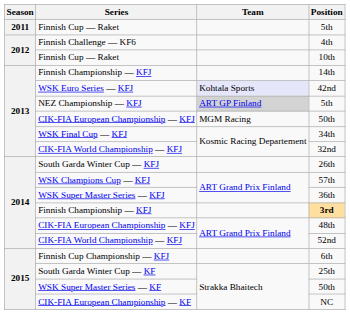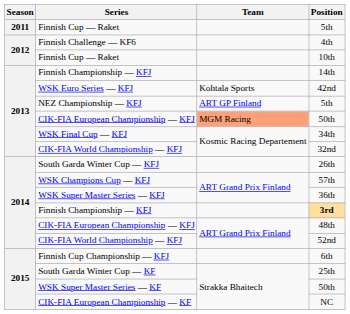 <table class="wikitable" style="font-size: 85%; text-align:center">
 <tr>
 <th>Season</th>
 <th>Series</th>
 <th>Team</th>
 <th>Position</th>
 </tr>
 <tr>
 <th>2011</th>
 <td align="left">Finnish Cup — Raket</td>
 <td align="left"></td>
 <td>5th</td>
 </tr>
 <tr>
 <th rowspan="2">2012</th>
 <td align="left">Finnish Challenge — KF6</td>
 <td align="left"></td>
 <td>4th</td>
 </tr>
 <tr>
 <td align="left">Finnish Cup — Raket</td>
 <td align="left"></td>
 <td>10th</td>
 </tr>
 <tr>
 <th rowspan="6">2013</th>
 <td align="left">Finnish Championship — <a href='#'>KFJ</a></td>
 <td align="left"></td>
 <td>14th</td>
 </tr>
 <tr>
 <td align="left"><a href='#'>WSK Euro Series</a> — <a href='#'>KFJ</a></td>
-<td align="left" style="background: lavender;">Kohtala Sports</td>
+<td align="left">Kohtala Sports</td>
 <td>42nd</td>
 </tr>
 <tr>
 <td align="left">NEZ Championship — <a href='#'>KFJ</a></td>
-<td align="left" style="background: lightgrey;"><a href='#'>ART GP Finland</a></td>
+<td align="left"><a href='#'>ART GP Finland</a></td>
 <td>5th</td>
 </tr>
 <tr>
 <td align="left"><a href='#'>CIK-FIA European Championship</a> — <a href='#'>KFJ</a></td>
-<td align="left">MGM Racing</td>
+<td align="left" style="background: lightsalmon;">MGM Racing</td>
 <td>50th</td>
 </tr>
 <tr>
 <td align="left"><a href='#'>WSK Final Cup</a> — <a href='#'>KFJ</a></td>
 <td rowspan="2" align="left">Kosmic Racing Departement</td>
 <td>34th</td>
 </tr>
 <tr>
 <td align="left"><a href='#'>CIK-FIA World Championship</a> — <a href='#'>KFJ</a></td>
 <td>32nd</td>
 </tr>
 <tr>
 <th rowspan="6">2014</th>
 <td align="left">South Garda Winter Cup — <a href='#'>KFJ</a></td>
 <td align="left"></td>
 <td>26th</td>
 </tr>
 <tr>
 <td align="left"><a href='#'>WSK Champions Cup</a> — <a href='#'>KFJ</a></td>
 <td rowspan="2"  align="left"><a href='#'>ART Grand Prix Finland</a></td>
 <td>57th</td>
 </tr>
 <tr>
 <td align="left"><a href='#'>WSK Super Master Series</a> — <a href='#'>KFJ</a></td>
 <td>36th</td>
 </tr>
 <tr>
 <td align="left">Finnish Championship — <a href='#'>KFJ</a></td>
 <td align="left"></td>
 <td style="background:#FFDF9F;"><strong>3rd</strong></td>
 </tr>
 <tr>
 <td align="left"><a href='#'>CIK-FIA European Championship</a> — <a href='#'>KFJ</a></td>
 <td rowspan="2" align="left"><a href='#'>ART Grand Prix Finland</a></td>
 <td>48th</td>
 </tr>
 <tr>
 <td align="left"><a href='#'>CIK-FIA World Championship</a> — <a href='#'>KFJ</a></td>
 <td>52nd</td>
 </tr>
 <tr>
 <th rowspan="4">2015</th>
 <td align="left">Finnish Cup Championship — <a href='#'>KFJ</a></td>
 <td align="left"></td>
 <td>6th</td>
 </tr>
 <tr>
 <td align="left">South Garda Winter Cup — <a href='#'>KF</a></td>
 <td rowspan="3"  align="left">Strakka Bhaitech</td>
 <td>25th</td>
 </tr>
 <tr>
 <td align="left"><a href='#'>WSK Super Master Series</a> — <a href='#'>KF</a></td>
 <td>50th</td>
 </tr>
 <tr>
 <td align="left"><a href='#'>CIK-FIA European Championship</a> — <a href='#'>KF</a></td>
 <td>NC</td>
 </tr>
 </table>
